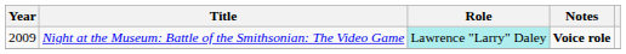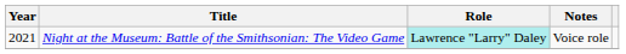 <table class="wikitable sortable plainrowheaders">
 <tr>
 <th scope="col">Year</th>
 <th scope="col">Title</th>
 <th scope="col">Role</th>
 <th scope="col" class="unsortable">Notes</th>
 <th scope="col" class="unsortable"></th>
 </tr>
 <tr>
-<td>2009</td>
+<td>2021</td>
 <td><em><a href='#'>Night at the Museum: Battle of the Smithsonian: The Video Game</a></em></td>
 <td style="background: paleturquoise;">Lawrence "Larry" Daley</td>
-<td><strong>Voice role</strong></td>
+<td>Voice role</td>
 <td></td>
 </tr>
 <tr>
 </tr>
 </table>
